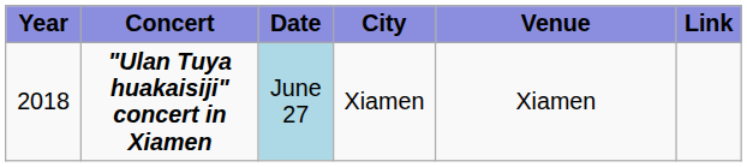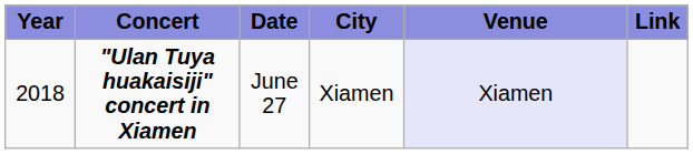 <table class="wikitable sortable mw-collapsible" width="80%" style="text-align:center">
 <tr align="center" style="background:#8B8EDE">
 <td style="width:2%"><strong>Year</strong></td>
 <td style="width:8%"><strong>Concert</strong></td>
 <td style="width:2%"><strong>Date</strong></td>
 <td style="width:2%"><strong>City</strong></td>
 <td style="width:18%"><strong>Venue</strong></td>
 <td style="width:1%"><strong>Link</strong></td>
 </tr>
 <tr>
 <td rowspan="2">2018</td>
 <td rowspan="2"><strong><em>"Ulan Tuya huakaisiji" concert in Xiamen</em></strong></td>
-<td style="background: lightblue;">June 27</td>
+<td>June 27</td>
 <td>Xiamen</td>
-<td>Xiamen</td>
+<td style="background: lavender;">Xiamen</td>
 <td></td>
 </tr>
 </table>
